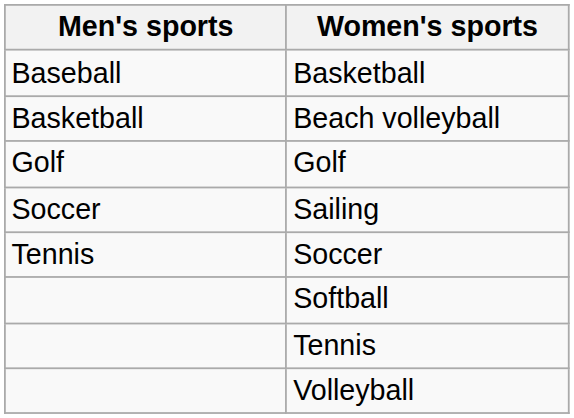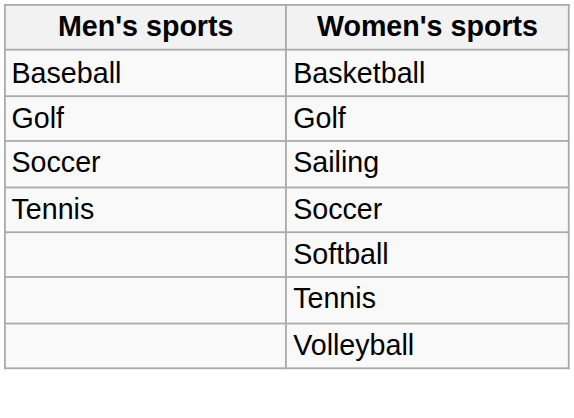 <table class="wikitable"; style= "text-align: ">
 <tr>
 <th width=150px>Men's sports</th>
 <th width=150px>Women's sports</th>
 </tr>
 <tr>
 <td>Baseball</td>
 <td>Basketball</td>
-</tr>
-<tr>
-<td>Basketball</td>
-<td>Beach volleyball</td>
 </tr>
 <tr>
 <td>Golf</td>
 <td>Golf</td>
 </tr>
 <tr>
 <td>Soccer</td>
 <td>Sailing</td>
 </tr>
 <tr>
 <td>Tennis</td>
 <td>Soccer</td>
 </tr>
 <tr>
 <td></td>
 <td>Softball</td>
 </tr>
 <tr>
 <td></td>
 <td>Tennis</td>
 </tr>
 <tr>
 <td></td>
 <td>Volleyball</td>
 </tr>
 </table>
